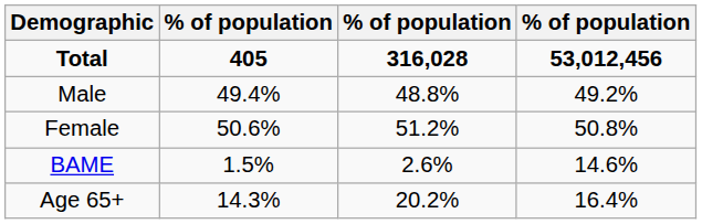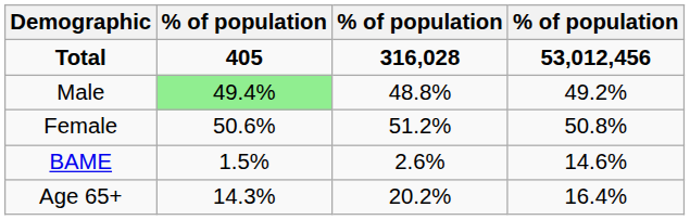 <table class="wikitable sortable" style="text-align: center">
 <tr>
 <th>Demographic</th>
 <th>% of population <br> </th>
 <th>% of population <br> </th>
 <th>% of population <br> </th>
 </tr>
 <tr>
 <td><strong>Total</strong></td>
 <td><strong>405</strong></td>
 <td><strong>316,028</strong></td>
 <td><strong>53,012,456</strong></td>
 </tr>
 <tr>
 <td>Male</td>
-<td>49.4%</td>
+<td style="background: lightgreen;">49.4%</td>
 <td>48.8%</td>
 <td>49.2%</td>
 </tr>
 <tr>
 <td>Female</td>
 <td>50.6%</td>
 <td>51.2%</td>
 <td>50.8%</td>
 </tr>
 <tr>
 <td><a href='#'>BAME</a></td>
 <td>1.5%</td>
 <td>2.6%</td>
 <td>14.6%</td>
 </tr>
 <tr>
 <td>Age 65+</td>
 <td>14.3%</td>
 <td>20.2%</td>
 <td>16.4%</td>
 </tr>
 </table>
